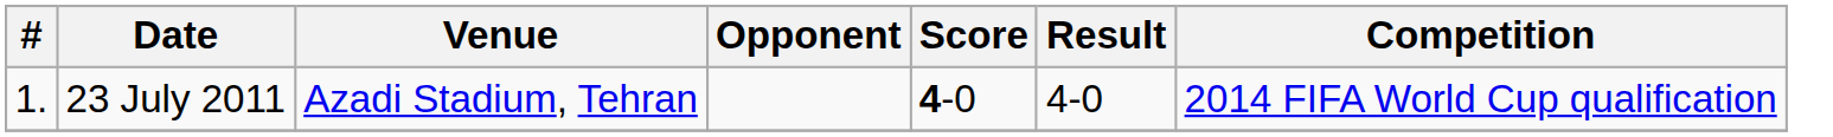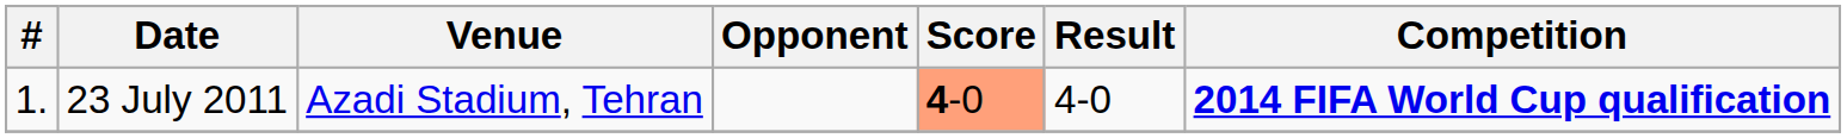 <table class="wikitable">
 <tr>
 <th>#</th>
 <th>Date</th>
 <th>Venue</th>
 <th>Opponent</th>
 <th>Score</th>
 <th>Result</th>
 <th>Competition</th>
 </tr>
 <tr>
 <td>1.</td>
 <td>23 July 2011</td>
 <td><a href='#'>Azadi Stadium</a>, <a href='#'>Tehran</a></td>
 <td></td>
-<td><strong>4</strong>-0</td>
+<td style="background: lightsalmon;"><strong>4</strong>-0</td>
 <td>4-0</td>
-<td><a href='#'>2014 FIFA World Cup qualification</a></td>
+<td><strong><a href='#'>2014 FIFA World Cup qualification</a></strong></td>
 </tr>
 <tr>
 </tr>
 </table>
